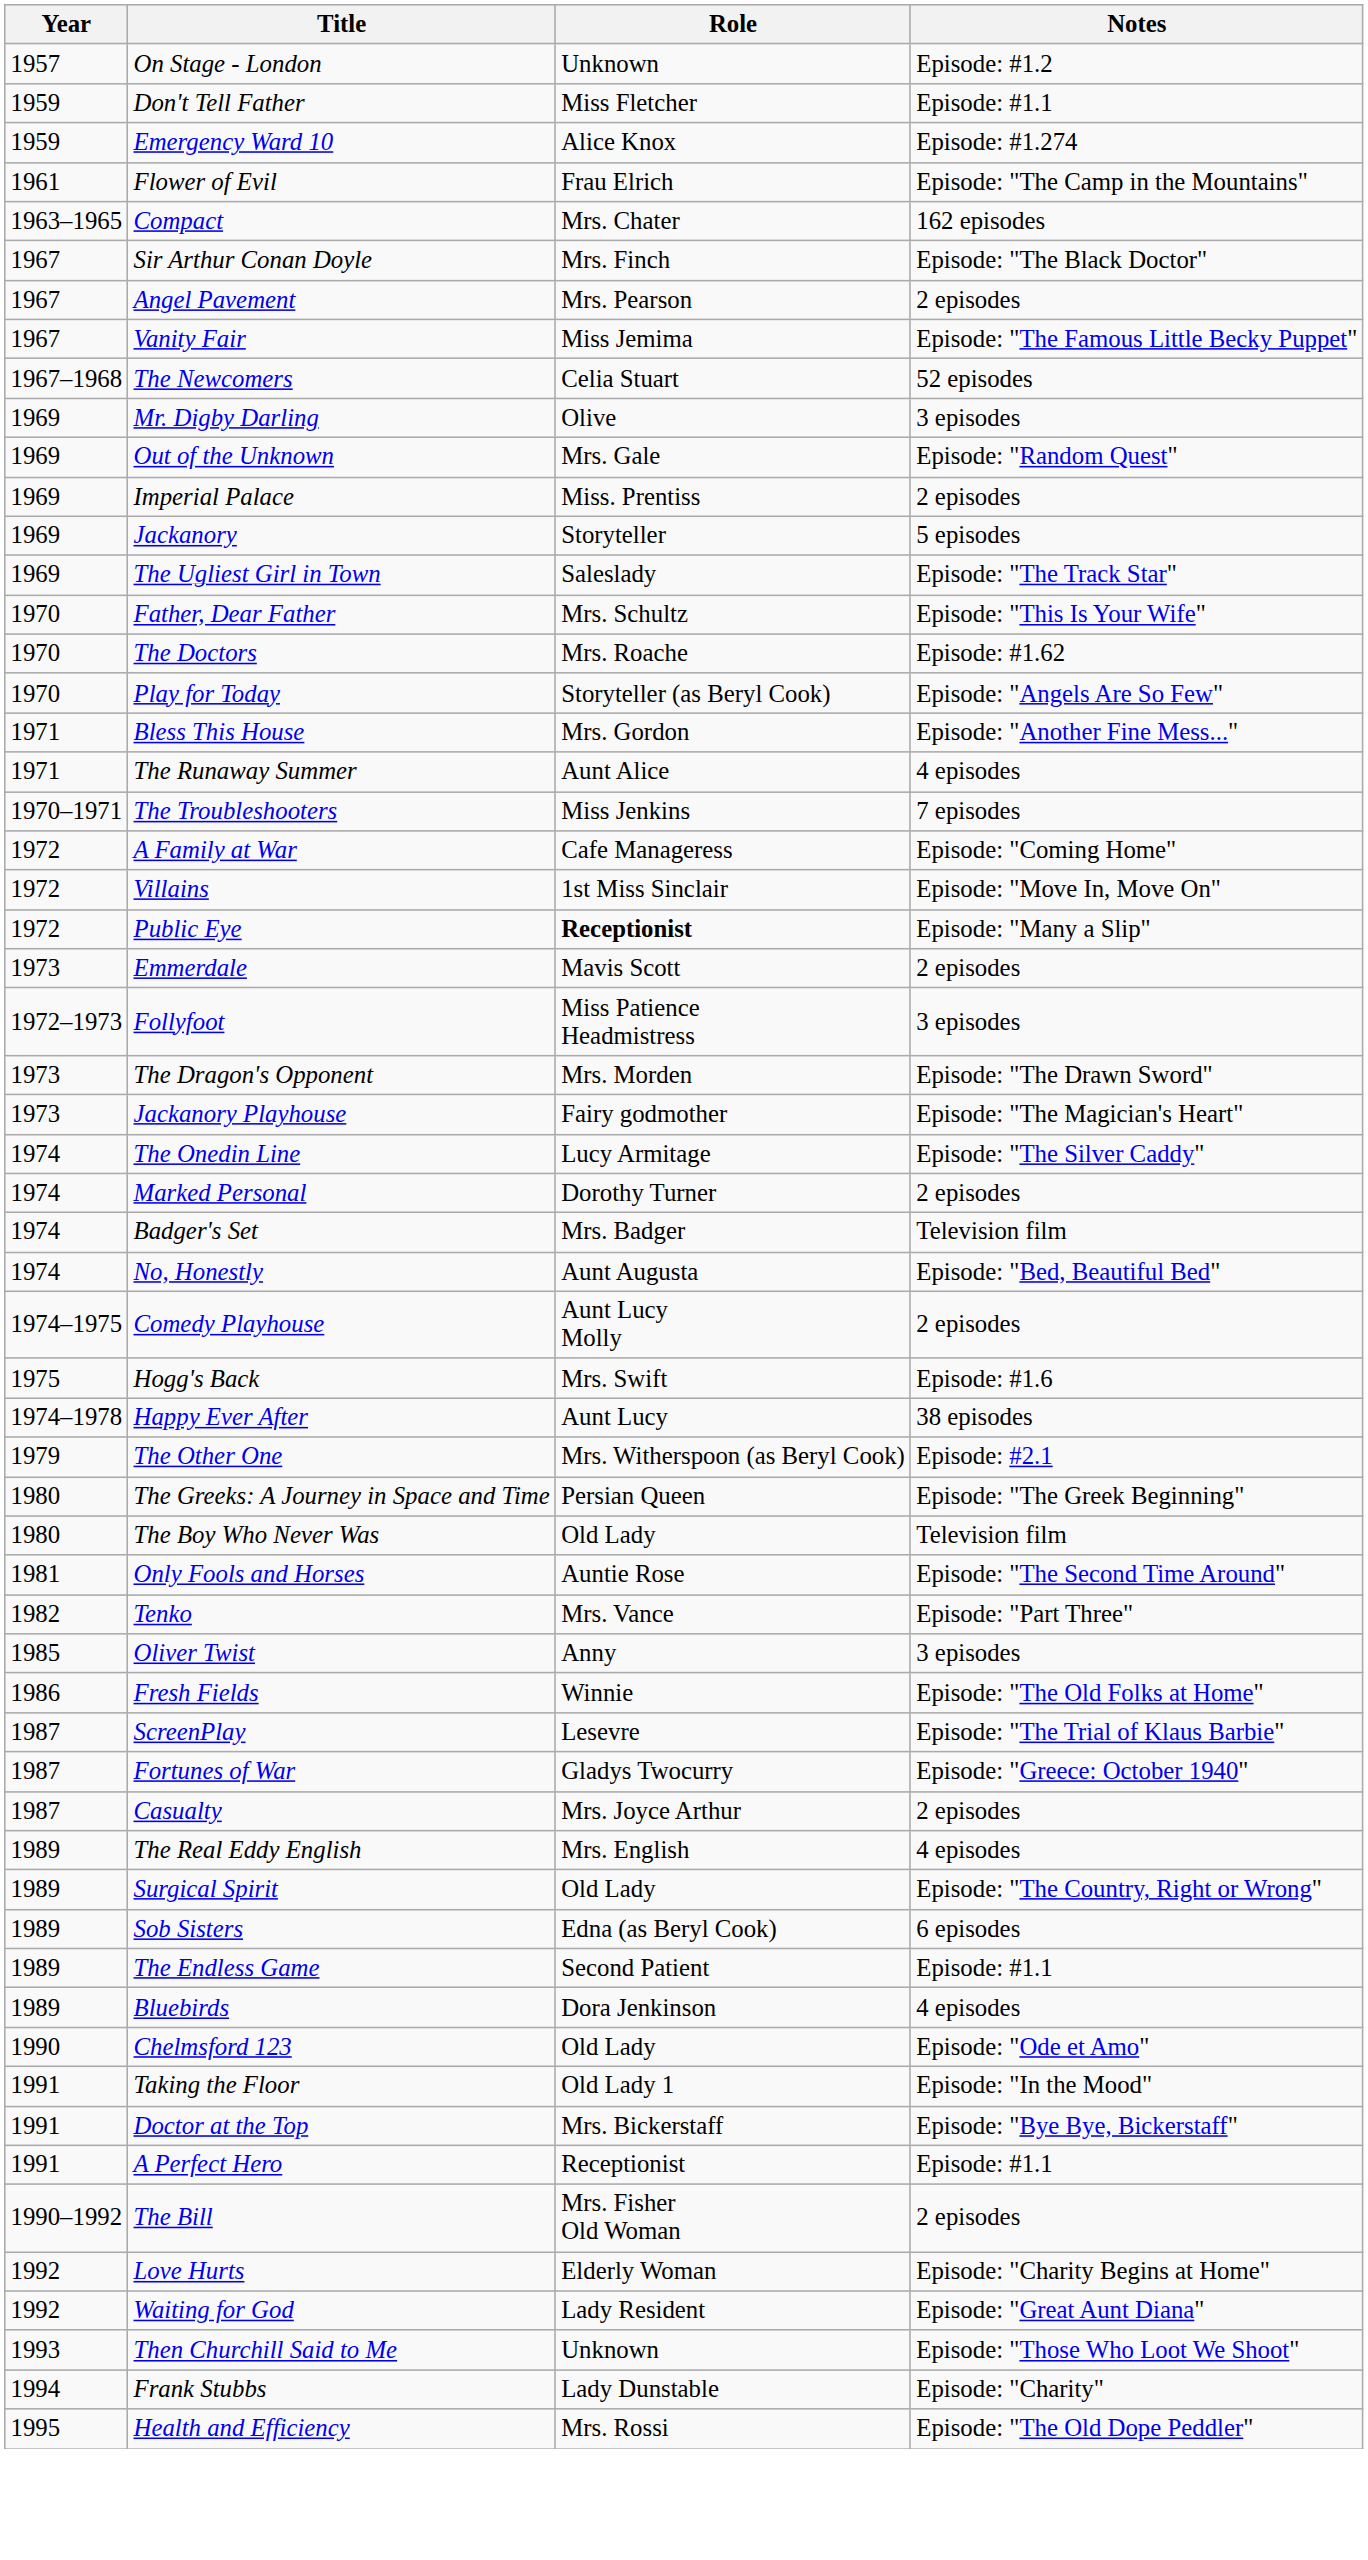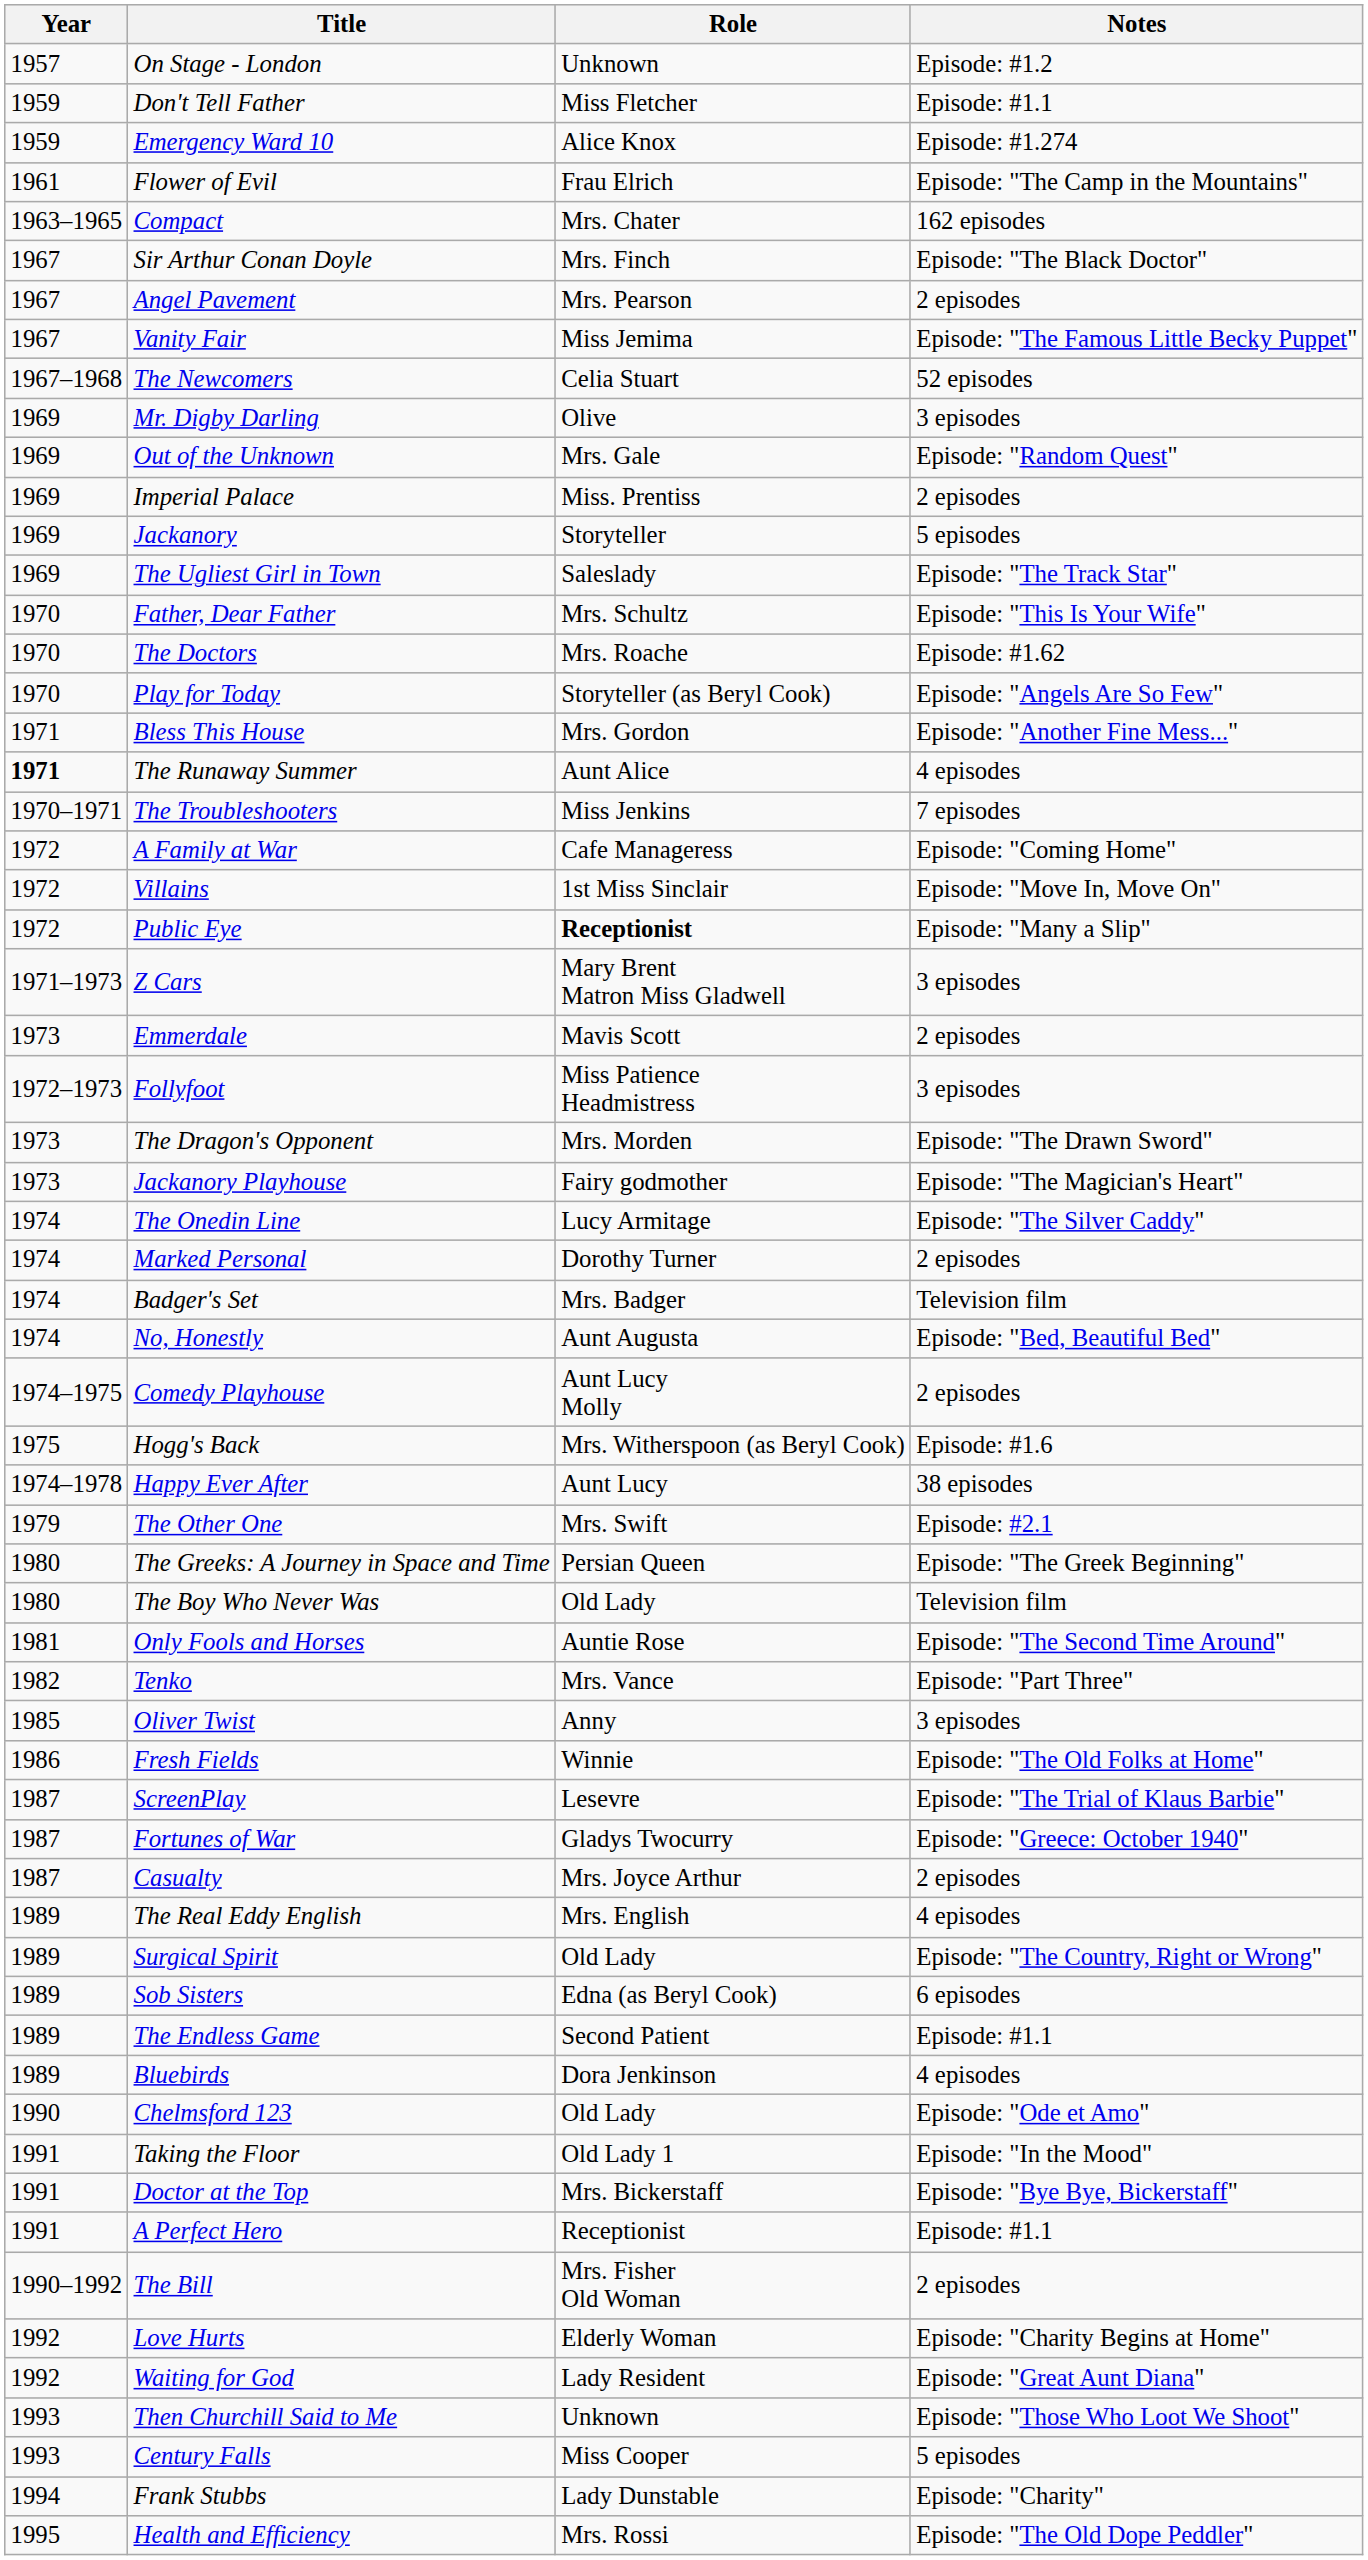 <table class="wikitable sortable">
 <tr>
 <th>Year</th>
 <th>Title</th>
 <th>Role</th>
 <th class="unsortable">Notes</th>
 </tr>
 <tr>
 <td>1957</td>
 <td><em>On Stage - London</em></td>
 <td>Unknown</td>
 <td>Episode: #1.2</td>
 </tr>
 <tr>
 <td>1959</td>
 <td><em>Don't Tell Father</em></td>
 <td>Miss Fletcher</td>
 <td>Episode: #1.1</td>
 </tr>
 <tr>
 <td>1959</td>
 <td><em><a href='#'>Emergency Ward 10</a></em></td>
 <td>Alice Knox</td>
 <td>Episode: #1.274</td>
 </tr>
 <tr>
 <td>1961</td>
 <td><em>Flower of Evil</em></td>
 <td>Frau Elrich</td>
 <td>Episode: "The Camp in the Mountains"</td>
 </tr>
 <tr>
 <td>1963–1965</td>
 <td><em><a href='#'>Compact</a></em></td>
 <td>Mrs. Chater</td>
 <td>162 episodes</td>
 </tr>
 <tr>
 <td>1967</td>
 <td><em>Sir Arthur Conan Doyle</em></td>
 <td>Mrs. Finch</td>
 <td>Episode: "The Black Doctor"</td>
 </tr>
 <tr>
 <td>1967</td>
 <td><em><a href='#'>Angel Pavement</a></em></td>
 <td>Mrs. Pearson</td>
 <td>2 episodes</td>
 </tr>
 <tr>
 <td>1967</td>
 <td><em><a href='#'>Vanity Fair</a></em></td>
 <td>Miss Jemima</td>
 <td>Episode: "<a href='#'>The Famous Little Becky Puppet</a>"</td>
 </tr>
 <tr>
 <td>1967–1968</td>
 <td><em><a href='#'>The Newcomers</a></em></td>
 <td>Celia Stuart</td>
 <td>52 episodes</td>
 </tr>
 <tr>
 <td>1969</td>
 <td><em><a href='#'>Mr. Digby Darling</a></em></td>
 <td>Olive</td>
 <td>3 episodes</td>
 </tr>
 <tr>
 <td>1969</td>
 <td><em><a href='#'>Out of the Unknown</a></em></td>
 <td>Mrs. Gale</td>
 <td>Episode: "<a href='#'>Random Quest</a>"</td>
 </tr>
 <tr>
 <td>1969</td>
 <td><em>Imperial Palace</em></td>
 <td>Miss. Prentiss</td>
 <td>2 episodes</td>
 </tr>
 <tr>
 <td>1969</td>
 <td><em><a href='#'>Jackanory</a></em></td>
 <td>Storyteller</td>
 <td>5 episodes</td>
 </tr>
 <tr>
 <td>1969</td>
 <td><em><a href='#'>The Ugliest Girl in Town</a></em></td>
 <td>Saleslady</td>
 <td>Episode: "<a href='#'>The Track Star</a>"</td>
 </tr>
 <tr>
 <td>1970</td>
 <td><em><a href='#'>Father, Dear Father</a></em></td>
 <td>Mrs. Schultz</td>
 <td>Episode: "<a href='#'>This Is Your Wife</a>"</td>
 </tr>
 <tr>
 <td>1970</td>
 <td><em><a href='#'>The Doctors</a></em></td>
 <td>Mrs. Roache</td>
 <td>Episode: #1.62</td>
 </tr>
 <tr>
 <td>1970</td>
 <td><em><a href='#'>Play for Today</a></em></td>
 <td>Storyteller (as Beryl Cook)</td>
 <td>Episode: "<a href='#'>Angels Are So Few</a>"</td>
 </tr>
 <tr>
 <td>1971</td>
 <td><em><a href='#'>Bless This House</a></em></td>
 <td>Mrs. Gordon</td>
 <td>Episode: "<a href='#'>Another Fine Mess...</a>"</td>
 </tr>
 <tr>
-<td>1971</td>
+<td><strong>1971</strong></td>
 <td><em>The Runaway Summer</em></td>
 <td>Aunt Alice</td>
 <td>4 episodes</td>
 </tr>
 <tr>
 <td>1970–1971</td>
 <td><em><a href='#'>The Troubleshooters</a></em></td>
 <td>Miss Jenkins</td>
 <td>7 episodes</td>
 </tr>
 <tr>
 <td>1972</td>
 <td><em><a href='#'>A Family at War</a></em></td>
 <td>Cafe Manageress</td>
 <td>Episode: "Coming Home"</td>
 </tr>
 <tr>
 <td>1972</td>
 <td><em><a href='#'>Villains</a></em></td>
 <td>1st Miss Sinclair</td>
 <td>Episode: "Move In, Move On"</td>
 </tr>
 <tr>
 <td>1972</td>
 <td><em><a href='#'>Public Eye</a></em></td>
 <td><strong>Receptionist</strong></td>
 <td>Episode: "Many a Slip"</td>
+</tr>
+<tr>
+<td>1971–1973</td>
+<td><em><a href='#'>Z Cars</a></em></td>
+<td>Mary Brent<br>Matron Miss Gladwell</td>
+<td>3 episodes</td>
 </tr>
 <tr>
 <td>1973</td>
 <td><em><a href='#'>Emmerdale</a></em></td>
 <td>Mavis Scott</td>
 <td>2 episodes</td>
 </tr>
 <tr>
 <td>1972–1973</td>
 <td><em><a href='#'>Follyfoot</a></em></td>
 <td>Miss Patience<br>Headmistress</td>
 <td>3 episodes</td>
 </tr>
 <tr>
 <td>1973</td>
 <td><em>The Dragon's Opponent</em></td>
 <td>Mrs. Morden</td>
 <td>Episode: "The Drawn Sword"</td>
 </tr>
 <tr>
 <td>1973</td>
 <td><em><a href='#'>Jackanory Playhouse</a></em></td>
 <td>Fairy godmother</td>
 <td>Episode: "The Magician's Heart"</td>
 </tr>
 <tr>
 <td>1974</td>
 <td><em><a href='#'>The Onedin Line</a></em></td>
 <td>Lucy Armitage</td>
 <td>Episode: "<a href='#'>The Silver Caddy</a>"</td>
 </tr>
 <tr>
 <td>1974</td>
 <td><em><a href='#'>Marked Personal</a></em></td>
 <td>Dorothy Turner</td>
 <td>2 episodes</td>
 </tr>
 <tr>
 <td>1974</td>
 <td><em>Badger's Set</em></td>
 <td>Mrs. Badger</td>
 <td>Television film</td>
 </tr>
 <tr>
 <td>1974</td>
 <td><em><a href='#'>No, Honestly</a></em></td>
 <td>Aunt Augusta</td>
 <td>Episode: "<a href='#'>Bed, Beautiful Bed</a>"</td>
 </tr>
 <tr>
 <td>1974–1975</td>
 <td><em><a href='#'>Comedy Playhouse</a></em></td>
 <td>Aunt Lucy<br>Molly</td>
 <td>2 episodes</td>
 </tr>
 <tr>
 <td>1975</td>
 <td><em>Hogg's Back</em></td>
-<td>Mrs. Swift</td>
+<td>Mrs. Witherspoon (as Beryl Cook)</td>
 <td>Episode: #1.6</td>
 </tr>
 <tr>
 <td>1974–1978</td>
 <td><em><a href='#'>Happy Ever After</a></em></td>
 <td>Aunt Lucy</td>
 <td>38 episodes</td>
 </tr>
 <tr>
 <td>1979</td>
 <td><em><a href='#'>The Other One</a></em></td>
-<td>Mrs. Witherspoon (as Beryl Cook)</td>
+<td>Mrs. Swift</td>
 <td>Episode: <a href='#'>#2.1</a></td>
 </tr>
 <tr>
 <td>1980</td>
 <td><em>The Greeks: A Journey in Space and Time</em></td>
 <td>Persian Queen</td>
 <td>Episode: "The Greek Beginning"</td>
 </tr>
 <tr>
 <td>1980</td>
 <td><em>The Boy Who Never Was</em></td>
 <td>Old Lady</td>
 <td>Television film</td>
 </tr>
 <tr>
 <td>1981</td>
 <td><em><a href='#'>Only Fools and Horses</a></em></td>
 <td>Auntie Rose</td>
 <td>Episode: "<a href='#'>The Second Time Around</a>"</td>
 </tr>
 <tr>
 <td>1982</td>
 <td><em><a href='#'>Tenko</a></em></td>
 <td>Mrs. Vance</td>
 <td>Episode: "Part Three"</td>
 </tr>
 <tr>
 <td>1985</td>
 <td><em><a href='#'>Oliver Twist</a></em></td>
 <td>Anny</td>
 <td>3 episodes</td>
 </tr>
 <tr>
 <td>1986</td>
 <td><em><a href='#'>Fresh Fields</a></em></td>
 <td>Winnie</td>
 <td>Episode: "<a href='#'>The Old Folks at Home</a>"</td>
 </tr>
 <tr>
 <td>1987</td>
 <td><em><a href='#'>ScreenPlay</a></em></td>
 <td>Lesevre</td>
 <td>Episode: "<a href='#'>The Trial of Klaus Barbie</a>"</td>
 </tr>
 <tr>
 <td>1987</td>
 <td><em><a href='#'>Fortunes of War</a></em></td>
 <td>Gladys Twocurry</td>
 <td>Episode: "<a href='#'>Greece: October 1940</a>"</td>
 </tr>
 <tr>
 <td>1987</td>
 <td><em><a href='#'>Casualty</a></em></td>
 <td>Mrs. Joyce Arthur</td>
 <td>2 episodes</td>
 </tr>
 <tr>
 <td>1989</td>
 <td><em>The Real Eddy English</em></td>
 <td>Mrs. English</td>
 <td>4 episodes</td>
 </tr>
 <tr>
 <td>1989</td>
 <td><em><a href='#'>Surgical Spirit</a></em></td>
 <td>Old Lady</td>
 <td>Episode: "<a href='#'>The Country, Right or Wrong</a>"</td>
 </tr>
 <tr>
 <td>1989</td>
 <td><em><a href='#'>Sob Sisters</a></em></td>
 <td>Edna (as Beryl Cook)</td>
 <td>6 episodes</td>
 </tr>
 <tr>
 <td>1989</td>
 <td><em><a href='#'>The Endless Game</a></em></td>
 <td>Second Patient</td>
 <td>Episode: #1.1</td>
 </tr>
 <tr>
 <td>1989</td>
 <td><em><a href='#'>Bluebirds</a></em></td>
 <td>Dora Jenkinson</td>
 <td>4 episodes</td>
 </tr>
 <tr>
 <td>1990</td>
 <td><em><a href='#'>Chelmsford 123</a></em></td>
 <td>Old Lady</td>
 <td>Episode: "<a href='#'>Ode et Amo</a>"</td>
 </tr>
 <tr>
 <td>1991</td>
 <td><em>Taking the Floor</em></td>
 <td>Old Lady 1</td>
 <td>Episode: "In the Mood"</td>
 </tr>
 <tr>
 <td>1991</td>
 <td><em><a href='#'>Doctor at the Top</a></em></td>
 <td>Mrs. Bickerstaff</td>
 <td>Episode: "<a href='#'>Bye Bye, Bickerstaff</a>"</td>
 </tr>
 <tr>
 <td>1991</td>
 <td><em><a href='#'>A Perfect Hero</a></em></td>
 <td>Receptionist</td>
 <td>Episode: #1.1</td>
 </tr>
 <tr>
 <td>1990–1992</td>
 <td><em><a href='#'>The Bill</a></em></td>
 <td>Mrs. Fisher<br>Old Woman</td>
 <td>2 episodes</td>
 </tr>
 <tr>
 <td>1992</td>
 <td><em><a href='#'>Love Hurts</a></em></td>
 <td>Elderly Woman</td>
 <td>Episode: "Charity Begins at Home"</td>
 </tr>
 <tr>
 <td>1992</td>
 <td><em><a href='#'>Waiting for God</a></em></td>
 <td>Lady Resident</td>
 <td>Episode: "<a href='#'>Great Aunt Diana</a>"</td>
 </tr>
 <tr>
 <td>1993</td>
 <td><em><a href='#'>Then Churchill Said to Me</a></em></td>
 <td>Unknown</td>
 <td>Episode: "<a href='#'>Those Who Loot We Shoot</a>"</td>
 </tr>
 <tr>
+<td>1993</td>
+<td><em><a href='#'>Century Falls</a></em></td>
+<td>Miss Cooper</td>
+<td>5 episodes</td>
+</tr>
+<tr>
 <td>1994</td>
 <td><em>Frank Stubbs</em></td>
 <td>Lady Dunstable</td>
 <td>Episode: "Charity"</td>
 </tr>
 <tr>
 <td>1995</td>
 <td><em><a href='#'>Health and Efficiency</a></em></td>
 <td>Mrs. Rossi</td>
 <td>Episode: "<a href='#'>The Old Dope Peddler</a>"</td>
 </tr>
 </table>
